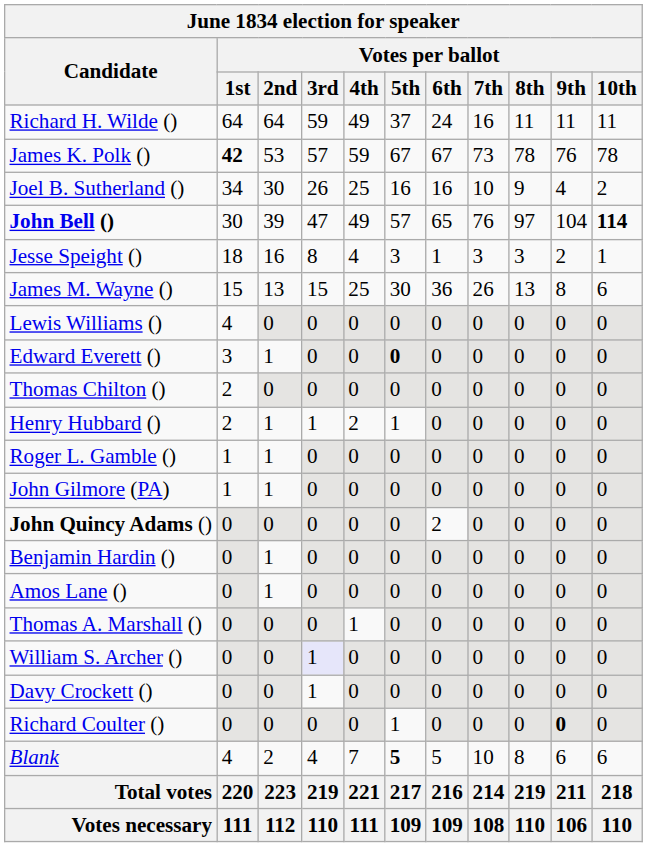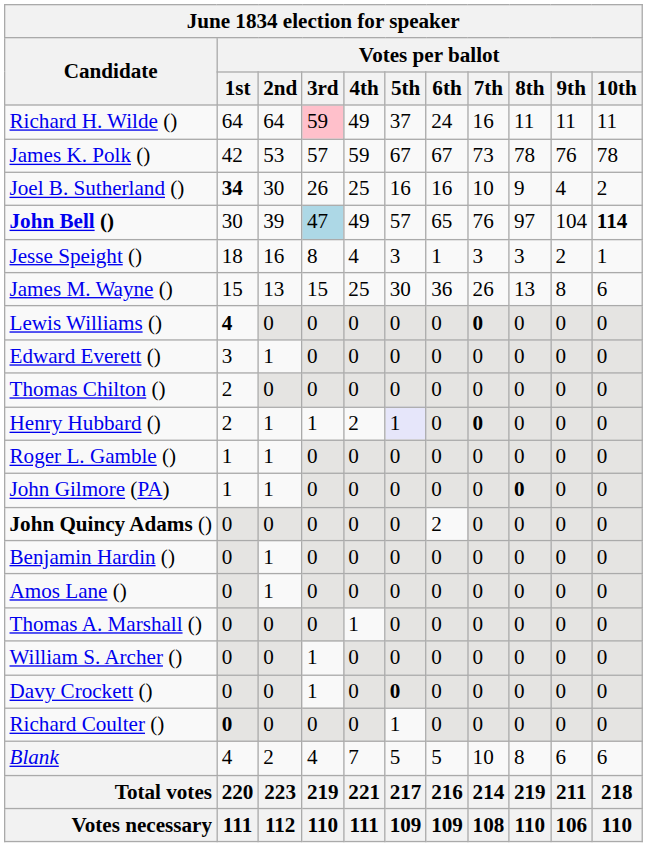 <table class="wikitable">
 <tr>
 <th colspan="12">June 1834 election for speaker</th>
 </tr>
 <tr>
 <th rowspan="2">Candidate</th>
 <th colspan="10">Votes per ballot</th>
 </tr>
 <tr>
 <th>1st</th>
 <th>2nd</th>
 <th>3rd</th>
 <th>4th</th>
 <th>5th</th>
 <th>6th</th>
 <th>7th</th>
 <th>8th</th>
 <th>9th</th>
 <th>10th</th>
 </tr>
 <tr>
 <td style="background:"><a href='#'>Richard H. Wilde</a> ()</td>
 <td>64</td>
 <td>64</td>
-<td>59</td>
+<td style="background: pink;">59</td>
 <td>49</td>
 <td>37</td>
 <td>24</td>
 <td>16</td>
 <td>11</td>
 <td>11</td>
 <td>11</td>
 </tr>
 <tr>
 <td style="background:"><a href='#'>James K. Polk</a> ()</td>
-<td><strong>42</strong></td>
+<td>42</td>
 <td>53</td>
 <td>57</td>
 <td>59</td>
 <td>67</td>
 <td>67</td>
 <td>73</td>
 <td>78</td>
 <td>76</td>
 <td>78</td>
 </tr>
 <tr>
 <td style="background:"><a href='#'>Joel B. Sutherland</a> ()</td>
-<td>34</td>
+<td><strong>34</strong></td>
 <td>30</td>
 <td>26</td>
 <td>25</td>
 <td>16</td>
 <td>16</td>
 <td>10</td>
 <td>9</td>
 <td>4</td>
 <td>2</td>
 </tr>
 <tr>
 <td style="background:"><strong><a href='#'>John Bell</a> ()</strong></td>
 <td>30</td>
 <td>39</td>
-<td>47</td>
+<td style="background: lightblue;">47</td>
 <td>49</td>
 <td>57</td>
 <td>65</td>
 <td>76</td>
 <td>97</td>
 <td>104</td>
 <td><strong>114</strong></td>
 </tr>
 <tr>
 <td style="background:"><a href='#'>Jesse Speight</a> ()</td>
 <td>18</td>
 <td>16</td>
 <td>8</td>
 <td>4</td>
 <td>3</td>
 <td>1</td>
 <td>3</td>
 <td>3</td>
 <td>2</td>
 <td>1</td>
 </tr>
 <tr>
 <td style="background:"><a href='#'>James M. Wayne</a> ()</td>
 <td>15</td>
 <td>13</td>
 <td>15</td>
 <td>25</td>
 <td>30</td>
 <td>36</td>
 <td>26</td>
 <td>13</td>
 <td>8</td>
 <td>6</td>
 </tr>
 <tr>
 <td style="background:"><a href='#'>Lewis Williams</a> ()</td>
-<td>4</td>
+<td><strong>4</strong></td>
 <td style="background:#e5e4e2">0</td>
 <td style="background:#e5e4e2">0</td>
 <td style="background:#e5e4e2">0</td>
 <td style="background:#e5e4e2">0</td>
 <td style="background:#e5e4e2">0</td>
-<td style="background:#e5e4e2">0</td>
+<td style="background:#e5e4e2"><strong>0</strong></td>
 <td style="background:#e5e4e2">0</td>
 <td style="background:#e5e4e2">0</td>
 <td style="background:#e5e4e2">0</td>
 </tr>
 <tr>
 <td style="background:"><a href='#'>Edward Everett</a> ()</td>
 <td>3</td>
 <td>1</td>
 <td style="background:#e5e4e2">0</td>
 <td style="background:#e5e4e2">0</td>
-<td style="background:#e5e4e2"><strong>0</strong></td>
+<td style="background:#e5e4e2">0</td>
 <td style="background:#e5e4e2">0</td>
 <td style="background:#e5e4e2">0</td>
 <td style="background:#e5e4e2">0</td>
 <td style="background:#e5e4e2">0</td>
 <td style="background:#e5e4e2">0</td>
 </tr>
 <tr>
 <td style="background:"><a href='#'>Thomas Chilton</a> ()</td>
 <td>2</td>
 <td style="background:#e5e4e2">0</td>
 <td style="background:#e5e4e2">0</td>
 <td style="background:#e5e4e2">0</td>
 <td style="background:#e5e4e2">0</td>
 <td style="background:#e5e4e2">0</td>
 <td style="background:#e5e4e2">0</td>
 <td style="background:#e5e4e2">0</td>
 <td style="background:#e5e4e2">0</td>
 <td style="background:#e5e4e2">0</td>
 </tr>
 <tr>
 <td style="background:"><a href='#'>Henry Hubbard</a> ()</td>
 <td>2</td>
 <td>1</td>
 <td>1</td>
 <td>2</td>
-<td>1</td>
+<td style="background: lavender;">1</td>
 <td style="background:#e5e4e2">0</td>
-<td style="background:#e5e4e2">0</td>
+<td style="background:#e5e4e2"><strong>0</strong></td>
 <td style="background:#e5e4e2">0</td>
 <td style="background:#e5e4e2">0</td>
 <td style="background:#e5e4e2">0</td>
 </tr>
 <tr>
 <td style="background:"><a href='#'>Roger L. Gamble</a> ()</td>
 <td>1</td>
 <td>1</td>
 <td style="background:#e5e4e2">0</td>
 <td style="background:#e5e4e2">0</td>
 <td style="background:#e5e4e2">0</td>
 <td style="background:#e5e4e2">0</td>
 <td style="background:#e5e4e2">0</td>
 <td style="background:#e5e4e2">0</td>
 <td style="background:#e5e4e2">0</td>
 <td style="background:#e5e4e2">0</td>
 </tr>
 <tr>
 <td style="background:"><a href='#'>John Gilmore</a> (<a href='#'>PA</a>)</td>
 <td>1</td>
 <td>1</td>
 <td style="background:#e5e4e2">0</td>
 <td style="background:#e5e4e2">0</td>
 <td style="background:#e5e4e2">0</td>
 <td style="background:#e5e4e2">0</td>
 <td style="background:#e5e4e2">0</td>
-<td style="background:#e5e4e2">0</td>
+<td style="background:#e5e4e2"><strong>0</strong></td>
 <td style="background:#e5e4e2">0</td>
 <td style="background:#e5e4e2">0</td>
 </tr>
 <tr>
 <td style="background:"><strong>John Quincy Adams </strong> ()</td>
 <td style="background:#e5e4e2">0</td>
 <td style="background:#e5e4e2">0</td>
 <td style="background:#e5e4e2">0</td>
 <td style="background:#e5e4e2">0</td>
 <td style="background:#e5e4e2">0</td>
 <td>2</td>
 <td style="background:#e5e4e2">0</td>
 <td style="background:#e5e4e2">0</td>
 <td style="background:#e5e4e2">0</td>
 <td style="background:#e5e4e2">0</td>
 </tr>
 <tr>
 <td style="background:"><a href='#'>Benjamin Hardin</a> ()</td>
 <td style="background:#e5e4e2">0</td>
 <td>1</td>
 <td style="background:#e5e4e2">0</td>
 <td style="background:#e5e4e2">0</td>
 <td style="background:#e5e4e2">0</td>
 <td style="background:#e5e4e2">0</td>
 <td style="background:#e5e4e2">0</td>
 <td style="background:#e5e4e2">0</td>
 <td style="background:#e5e4e2">0</td>
 <td style="background:#e5e4e2">0</td>
 </tr>
 <tr>
 <td style="background:"><a href='#'>Amos Lane</a> ()</td>
 <td style="background:#e5e4e2">0</td>
 <td>1</td>
 <td style="background:#e5e4e2">0</td>
 <td style="background:#e5e4e2">0</td>
 <td style="background:#e5e4e2">0</td>
 <td style="background:#e5e4e2">0</td>
 <td style="background:#e5e4e2">0</td>
 <td style="background:#e5e4e2">0</td>
 <td style="background:#e5e4e2">0</td>
 <td style="background:#e5e4e2">0</td>
 </tr>
 <tr>
 <td style="background:"><a href='#'>Thomas A. Marshall</a> ()</td>
 <td style="background:#e5e4e2">0</td>
 <td style="background:#e5e4e2">0</td>
 <td style="background:#e5e4e2">0</td>
 <td>1</td>
 <td style="background:#e5e4e2">0</td>
 <td style="background:#e5e4e2">0</td>
 <td style="background:#e5e4e2">0</td>
 <td style="background:#e5e4e2">0</td>
 <td style="background:#e5e4e2">0</td>
 <td style="background:#e5e4e2">0</td>
 </tr>
 <tr>
 <td style="background:"><a href='#'>William S. Archer</a> ()</td>
 <td style="background:#e5e4e2">0</td>
 <td style="background:#e5e4e2">0</td>
-<td style="background: lavender;">1</td>
+<td>1</td>
 <td style="background:#e5e4e2">0</td>
 <td style="background:#e5e4e2">0</td>
 <td style="background:#e5e4e2">0</td>
 <td style="background:#e5e4e2">0</td>
 <td style="background:#e5e4e2">0</td>
 <td style="background:#e5e4e2">0</td>
 <td style="background:#e5e4e2">0</td>
 </tr>
 <tr>
 <td style="background:"><a href='#'>Davy Crockett</a> ()</td>
 <td style="background:#e5e4e2">0</td>
 <td style="background:#e5e4e2">0</td>
 <td>1</td>
 <td style="background:#e5e4e2">0</td>
-<td style="background:#e5e4e2">0</td>
+<td style="background:#e5e4e2"><strong>0</strong></td>
 <td style="background:#e5e4e2">0</td>
 <td style="background:#e5e4e2">0</td>
 <td style="background:#e5e4e2">0</td>
 <td style="background:#e5e4e2">0</td>
 <td style="background:#e5e4e2">0</td>
 </tr>
 <tr>
 <td style="background:"><a href='#'>Richard Coulter</a> ()</td>
-<td style="background:#e5e4e2">0</td>
+<td style="background:#e5e4e2"><strong>0</strong></td>
 <td style="background:#e5e4e2">0</td>
 <td style="background:#e5e4e2">0</td>
 <td style="background:#e5e4e2">0</td>
 <td>1</td>
 <td style="background:#e5e4e2">0</td>
 <td style="background:#e5e4e2">0</td>
 <td style="background:#e5e4e2">0</td>
-<td style="background:#e5e4e2"><strong>0</strong></td>
+<td style="background:#e5e4e2">0</td>
 <td style="background:#e5e4e2">0</td>
 </tr>
 <tr>
 <td style="background:#f5f5f5"><em><a href='#'>Blank</a></em></td>
 <td>4</td>
 <td>2</td>
 <td>4</td>
 <td>7</td>
-<td><strong>5</strong></td>
+<td>5</td>
 <td>5</td>
 <td>10</td>
 <td>8</td>
 <td>6</td>
 <td>6</td>
 </tr>
 <tr>
 <th style="text-align:right">Total votes</th>
 <th>220</th>
 <th>223</th>
 <th>219</th>
 <th>221</th>
 <th>217</th>
 <th>216</th>
 <th>214</th>
 <th>219</th>
 <th>211</th>
 <th>218</th>
 </tr>
 <tr>
 <th style="text-align:right">Votes necessary</th>
 <th>111</th>
 <th>112</th>
 <th>110</th>
 <th>111</th>
 <th>109</th>
 <th>109</th>
 <th>108</th>
 <th>110</th>
 <th>106</th>
 <th>110</th>
 </tr>
 </table>
